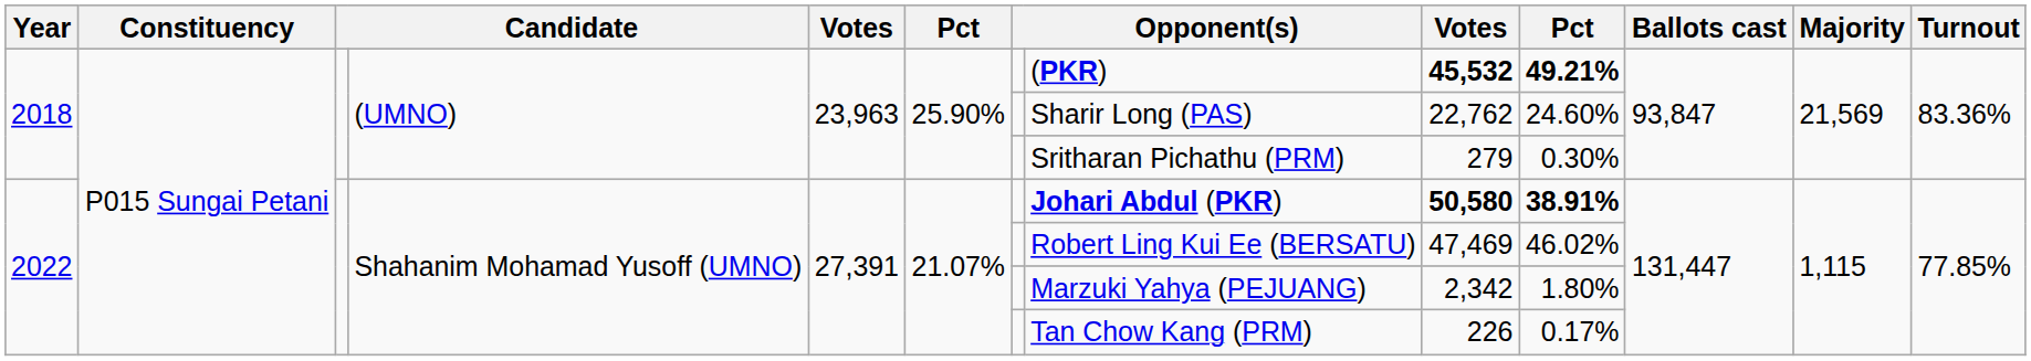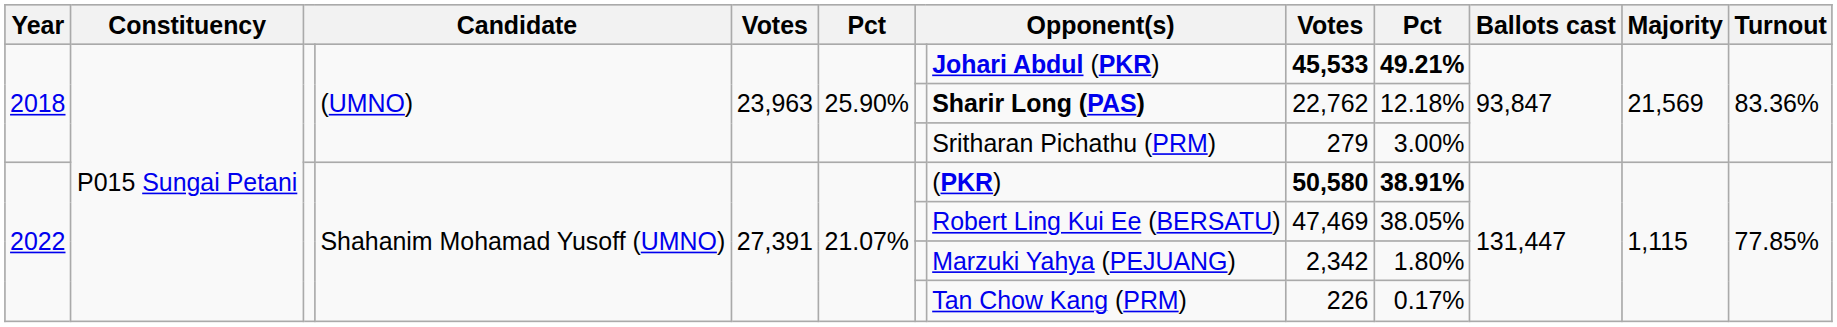 <table class="wikitable" style="margin:0.5em ; font-size:95%">
 <tr>
 <th>Year</th>
 <th>Constituency</th>
 <th colspan=2>Candidate</th>
 <th>Votes</th>
 <th>Pct</th>
 <th colspan=2>Opponent(s)</th>
 <th>Votes</th>
 <th>Pct</th>
 <th>Ballots cast</th>
 <th>Majority</th>
 <th>Turnout</th>
 </tr>
 <tr>
 <td rowspan=3><a href='#'>2018</a></td>
 <td rowspan=7>P015 <a href='#'>Sungai Petani</a></td>
 <td rowspan=3 ></td>
 <td rowspan=3> (<a href='#'>UMNO</a>)</td>
 <td rowspan=3 align="right">23,963</td>
 <td rowspan=3>25.90%</td>
 <td></td>
-<td> (<a href='#'><strong>PKR</strong></a>)</td>
-<td align="right"><strong>45,532</strong></td>
+<td><strong><a href='#'>Johari Abdul</a></strong> (<a href='#'><strong>PKR</strong></a>)</td>
+<td align="right"><strong>45,533</strong></td>
 <td><strong>49.21%</strong></td>
 <td rowspan=3>93,847</td>
 <td rowspan=3>21,569</td>
 <td rowspan=3>83.36%</td>
 </tr>
 <tr>
 <td></td>
-<td>Sharir Long (<a href='#'>PAS</a>)</td>
+<td><strong>Sharir Long (<a href='#'>PAS</a>)</strong></td>
 <td align="right">22,762</td>
-<td>24.60%</td>
+<td>12.18%</td>
 </tr>
 <tr>
 <td bgcolor=></td>
 <td>Sritharan Pichathu (<a href='#'>PRM</a>)</td>
 <td align="right">279</td>
-<td align=right>0.30%</td>
+<td align=right>3.00%</td>
 </tr>
 <tr>
 <td rowspan="4"><a href='#'>2022</a></td>
 <td rowspan="4" ></td>
 <td rowspan="4">Shahanim Mohamad Yusoff (<a href='#'>UMNO</a>)</td>
 <td rowspan="4" align=right>27,391</td>
 <td rowspan="4">21.07%</td>
 <td></td>
-<td><strong><a href='#'>Johari Abdul</a></strong> (<a href='#'><strong>PKR</strong></a>)</td>
+<td> (<a href='#'><strong>PKR</strong></a>)</td>
 <td align="right"><strong>50,580</strong></td>
 <td><strong>38.91%</strong></td>
 <td rowspan=4>131,447</td>
 <td rowspan=4>1,115</td>
 <td rowspan=4>77.85%</td>
 </tr>
 <tr>
 <td bgcolor=></td>
 <td><a href='#'>Robert Ling Kui Ee</a> (<a href='#'>BERSATU</a>)</td>
 <td align="right">47,469</td>
-<td>46.02%</td>
+<td>38.05%</td>
 </tr>
 <tr>
 <td></td>
 <td><a href='#'>Marzuki Yahya</a> (<a href='#'>PEJUANG</a>)</td>
 <td align="right">2,342</td>
 <td align="right">1.80%</td>
 </tr>
 <tr>
 <td bgcolor=></td>
 <td><a href='#'>Tan Chow Kang</a> (<a href='#'>PRM</a>)</td>
 <td align="right">226</td>
 <td align="right">0.17%</td>
 </tr>
 </table>
